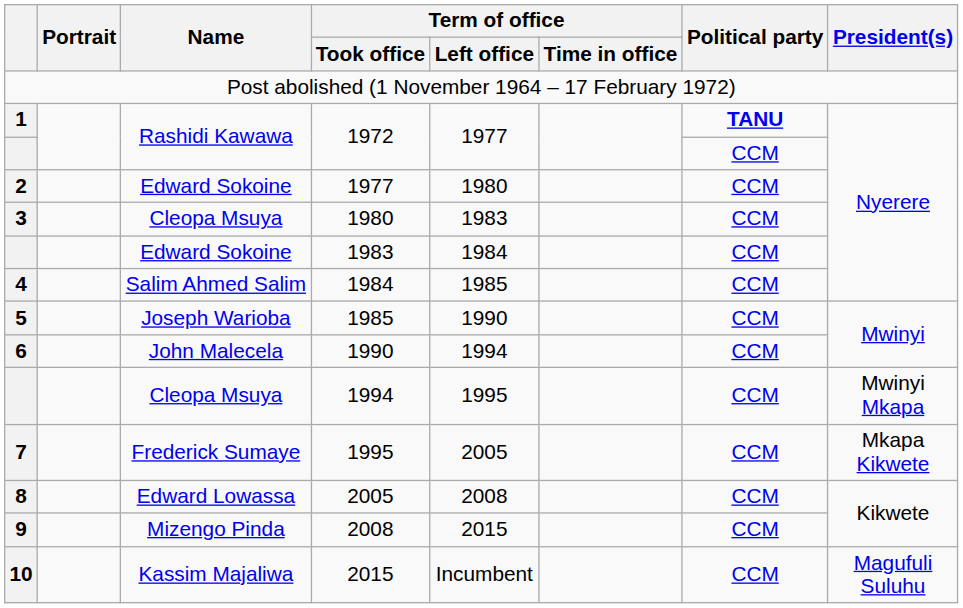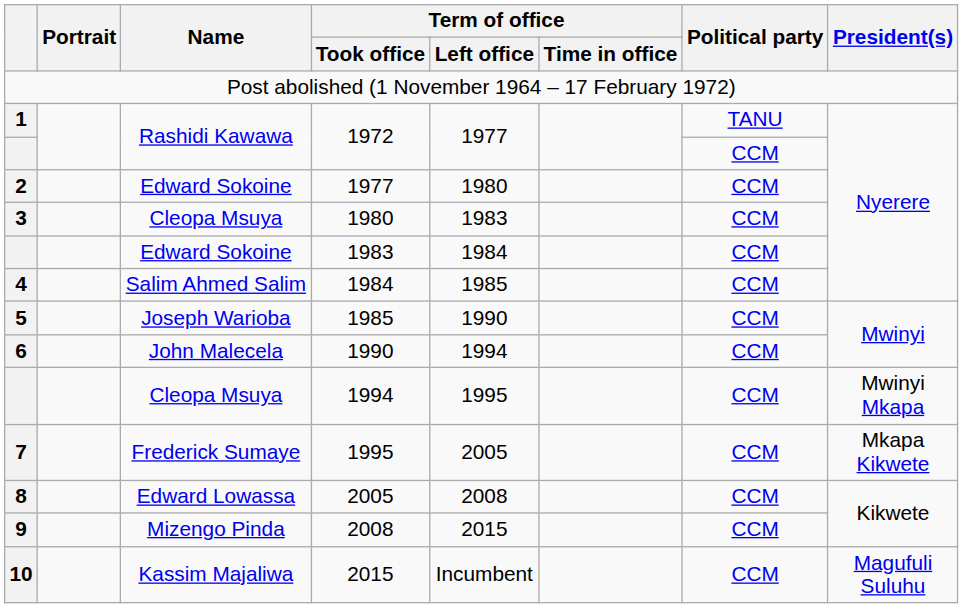 <table class="wikitable" style="text-align:center">
 <tr>
 <th rowspan="2"></th>
 <th rowspan="2">Portrait</th>
 <th rowspan="2">Name<br></th>
 <th colspan="3">Term of office</th>
 <th rowspan="2">Political party</th>
 <th rowspan="2"><a href='#'>President(s)</a></th>
 </tr>
 <tr>
 <th>Took office</th>
 <th>Left office</th>
 <th>Time in office</th>
 </tr>
 <tr>
 <td colspan="8">Post abolished (1 November 1964 – 17 February 1972)</td>
 </tr>
 <tr>
 <th style="background:">1</th>
 <td rowspan=2></td>
 <td rowspan=2><a href='#'>Rashidi Kawawa</a><br></td>
 <td rowspan=2> 1972</td>
 <td rowspan=2> 1977</td>
 <td rowspan=2></td>
-<td><strong><a href='#'>TANU</a><br></strong></td>
+<td><a href='#'>TANU</a><br></td>
 <td rowspan=6><a href='#'>Nyerere</a></td>
 </tr>
 <tr>
 <th style="background:"></th>
 <td><a href='#'>CCM</a></td>
 </tr>
 <tr>
 <th style="background:">2</th>
 <td></td>
 <td><a href='#'>Edward Sokoine</a><br></td>
 <td> 1977</td>
 <td> 1980</td>
 <td></td>
 <td><a href='#'>CCM</a></td>
 </tr>
 <tr>
 <th style="background:">3</th>
 <td></td>
 <td><a href='#'>Cleopa Msuya</a><br></td>
 <td> 1980</td>
 <td> 1983</td>
 <td></td>
 <td><a href='#'>CCM</a></td>
 </tr>
 <tr>
 <th style="background:"></th>
 <td></td>
 <td><a href='#'>Edward Sokoine</a><br></td>
 <td> 1983</td>
 <td> 1984</td>
 <td></td>
 <td><a href='#'>CCM</a></td>
 </tr>
 <tr>
 <th style="background:">4</th>
 <td></td>
 <td><a href='#'>Salim Ahmed Salim</a><br></td>
 <td> 1984</td>
 <td> 1985</td>
 <td></td>
 <td><a href='#'>CCM</a></td>
 </tr>
 <tr>
 <th style="background:">5</th>
 <td></td>
 <td><a href='#'>Joseph Warioba</a><br></td>
 <td> 1985</td>
 <td> 1990</td>
 <td></td>
 <td><a href='#'>CCM</a></td>
 <td rowspan=2><a href='#'>Mwinyi</a></td>
 </tr>
 <tr>
 <th style="background:">6</th>
 <td></td>
 <td><a href='#'>John Malecela</a><br></td>
 <td> 1990</td>
 <td> 1994</td>
 <td></td>
 <td><a href='#'>CCM</a></td>
 </tr>
 <tr>
 <th style="background:"></th>
 <td></td>
 <td><a href='#'>Cleopa Msuya</a><br></td>
 <td> 1994</td>
 <td> 1995</td>
 <td></td>
 <td><a href='#'>CCM</a></td>
 <td>Mwinyi<br><a href='#'>Mkapa</a></td>
 </tr>
 <tr>
 <th style="background:">7</th>
 <td></td>
 <td><a href='#'>Frederick Sumaye</a><br></td>
 <td> 1995</td>
 <td> 2005</td>
 <td></td>
 <td><a href='#'>CCM</a></td>
 <td>Mkapa<br><a href='#'>Kikwete</a></td>
 </tr>
 <tr>
 <th style="background:">8</th>
 <td></td>
 <td><a href='#'>Edward Lowassa</a><br></td>
 <td> 2005</td>
 <td> 2008</td>
 <td></td>
 <td><a href='#'>CCM</a></td>
 <td rowspan=2>Kikwete</td>
 </tr>
 <tr>
 <th style="background:">9</th>
 <td></td>
 <td><a href='#'>Mizengo Pinda</a><br></td>
 <td> 2008</td>
 <td> 2015</td>
 <td></td>
 <td><a href='#'>CCM</a></td>
 </tr>
 <tr>
 <th style="background:">10</th>
 <td></td>
 <td><a href='#'>Kassim Majaliwa</a><br></td>
 <td> 2015</td>
 <td>Incumbent</td>
 <td></td>
 <td><a href='#'>CCM</a></td>
 <td><a href='#'>Magufuli</a><br><a href='#'>Suluhu</a></td>
 </tr>
 </table>
